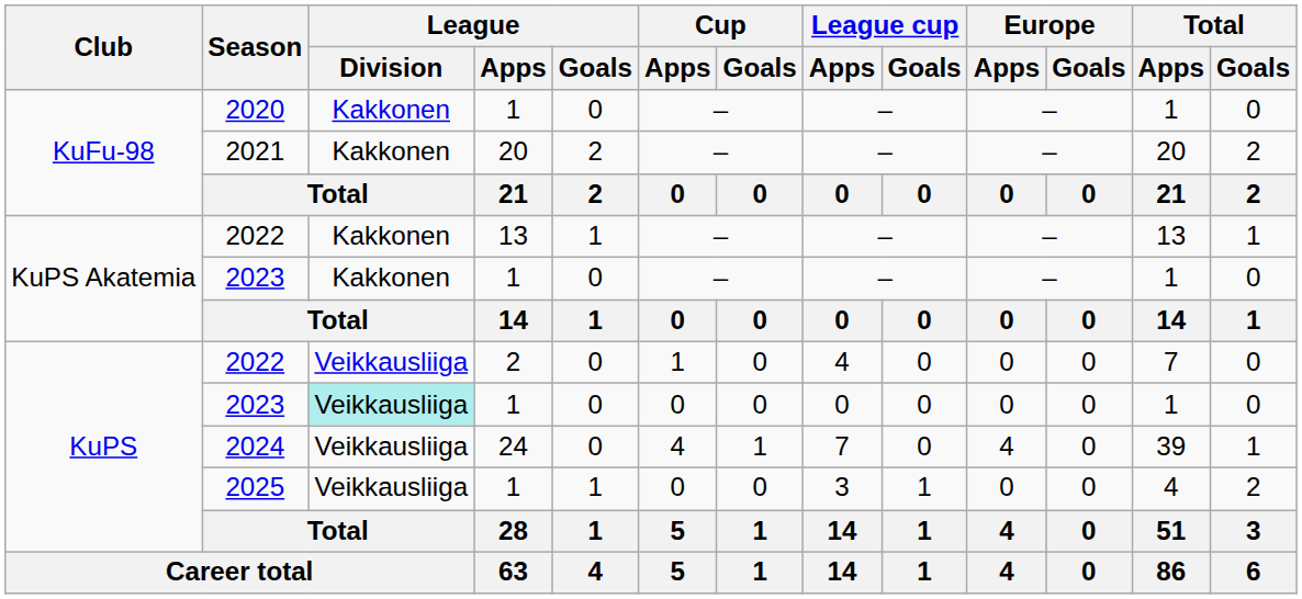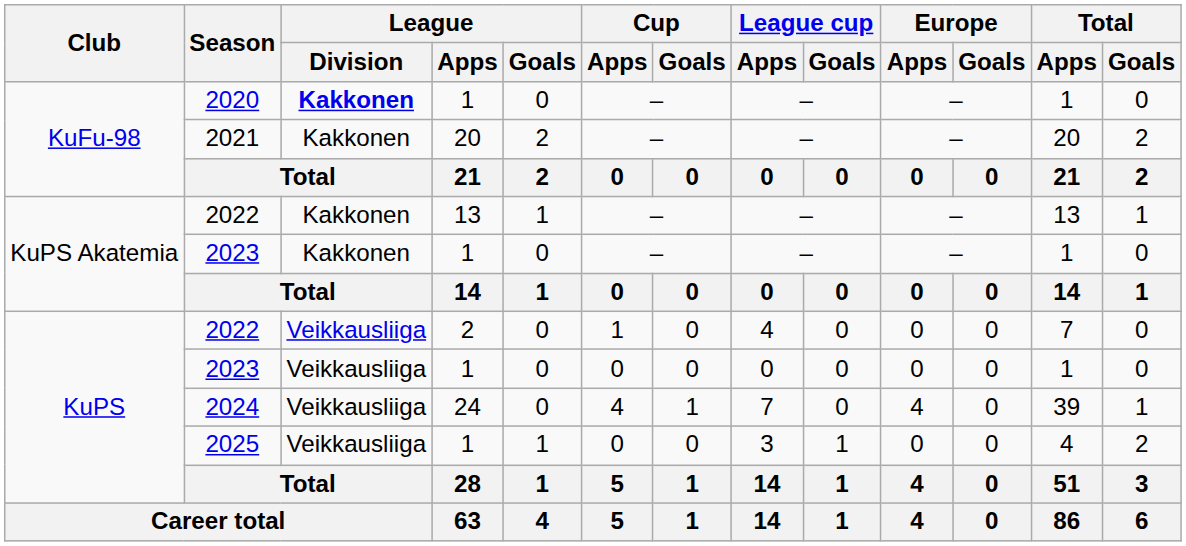 <table class="wikitable" style="text-align:center">
 <tr>
 <th rowspan="2">Club</th>
 <th rowspan="2">Season</th>
 <th colspan="3">League</th>
 <th colspan="2">Cup</th>
 <th colspan="2"><a href='#'>League cup</a></th>
 <th colspan="2">Europe</th>
 <th colspan="2">Total</th>
 </tr>
 <tr>
 <th>Division</th>
 <th>Apps</th>
 <th>Goals</th>
 <th>Apps</th>
 <th>Goals</th>
 <th>Apps</th>
 <th>Goals</th>
 <th>Apps</th>
 <th>Goals</th>
 <th>Apps</th>
 <th>Goals</th>
 </tr>
 <tr>
 <td rowspan="3"><a href='#'>KuFu-98</a></td>
 <td><a href='#'>2020</a></td>
-<td><a href='#'>Kakkonen</a></td>
+<td><strong><a href='#'>Kakkonen</a></strong></td>
 <td>1</td>
 <td>0</td>
 <td colspan="2">–</td>
 <td colspan="2">–</td>
 <td colspan="2">–</td>
 <td>1</td>
 <td>0</td>
 </tr>
 <tr>
 <td>2021</td>
 <td>Kakkonen</td>
 <td>20</td>
 <td>2</td>
 <td colspan="2">–</td>
 <td colspan="2">–</td>
 <td colspan="2">–</td>
 <td>20</td>
 <td>2</td>
 </tr>
 <tr>
 <th colspan="2">Total</th>
 <th>21</th>
 <th>2</th>
 <th>0</th>
 <th>0</th>
 <th>0</th>
 <th>0</th>
 <th>0</th>
 <th>0</th>
 <th>21</th>
 <th>2</th>
 </tr>
 <tr>
 <td rowspan="3">KuPS Akatemia</td>
 <td>2022</td>
 <td>Kakkonen</td>
 <td>13</td>
 <td>1</td>
 <td colspan="2">–</td>
 <td colspan="2">–</td>
 <td colspan="2">–</td>
 <td>13</td>
 <td>1</td>
 </tr>
 <tr>
 <td><a href='#'>2023</a></td>
 <td>Kakkonen</td>
 <td>1</td>
 <td>0</td>
 <td colspan="2">–</td>
 <td colspan="2">–</td>
 <td colspan="2">–</td>
 <td>1</td>
 <td>0</td>
 </tr>
 <tr>
 <th colspan="2">Total</th>
 <th>14</th>
 <th>1</th>
 <th>0</th>
 <th>0</th>
 <th>0</th>
 <th>0</th>
 <th>0</th>
 <th>0</th>
 <th>14</th>
 <th>1</th>
 </tr>
 <tr>
 <td rowspan="5"><a href='#'>KuPS</a></td>
 <td><a href='#'>2022</a></td>
 <td><a href='#'>Veikkausliiga</a></td>
 <td>2</td>
 <td>0</td>
 <td>1</td>
 <td>0</td>
 <td>4</td>
 <td>0</td>
 <td>0</td>
 <td>0</td>
 <td>7</td>
 <td>0</td>
 </tr>
 <tr>
 <td><a href='#'>2023</a></td>
-<td style="background: paleturquoise;">Veikkausliiga</td>
+<td>Veikkausliiga</td>
 <td>1</td>
 <td>0</td>
 <td>0</td>
 <td>0</td>
 <td>0</td>
 <td>0</td>
 <td>0</td>
 <td>0</td>
 <td>1</td>
 <td>0</td>
 </tr>
 <tr>
 <td><a href='#'>2024</a></td>
 <td>Veikkausliiga</td>
 <td>24</td>
 <td>0</td>
 <td>4</td>
 <td>1</td>
 <td>7</td>
 <td>0</td>
 <td>4</td>
 <td>0</td>
 <td>39</td>
 <td>1</td>
 </tr>
 <tr>
 <td><a href='#'>2025</a></td>
 <td>Veikkausliiga</td>
 <td>1</td>
 <td>1</td>
 <td>0</td>
 <td>0</td>
 <td>3</td>
 <td>1</td>
 <td>0</td>
 <td>0</td>
 <td>4</td>
 <td>2</td>
 </tr>
 <tr>
 <th colspan="2">Total</th>
 <th>28</th>
 <th>1</th>
 <th>5</th>
 <th>1</th>
 <th>14</th>
 <th>1</th>
 <th>4</th>
 <th>0</th>
 <th>51</th>
 <th>3</th>
 </tr>
 <tr>
 <th colspan="3">Career total</th>
 <th>63</th>
 <th>4</th>
 <th>5</th>
 <th>1</th>
 <th>14</th>
 <th>1</th>
 <th>4</th>
 <th>0</th>
 <th>86</th>
 <th>6</th>
 </tr>
 </table>
